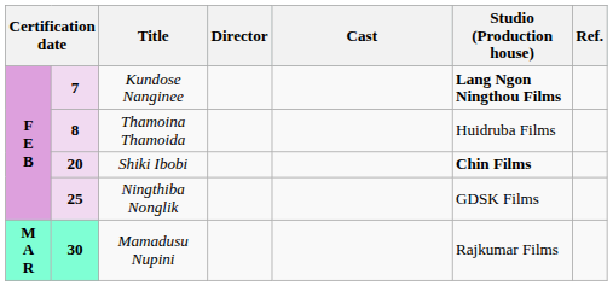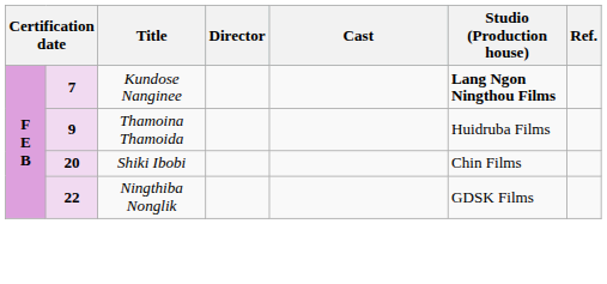 <table class="wikitable">
 <tr style="background:#b0e0e6; text-align:center;">
 <th colspan="2" style="width:6%;"><strong>Certification date</strong></th>
 <th style="width:18%;"><strong>Title</strong></th>
 <th style="width:10.5%;"><strong>Director</strong></th>
 <th style="width:30%;"><strong>Cast</strong></th>
 <th><strong>Studio (Production house)</strong></th>
 <th>Ref.</th>
 </tr>
 <tr February>
 <td rowspan="4" style="text-align:center; background:plum; textcolor:#000;"><strong>F<br>E<br>B</strong></td>
 <td rowspan="1" style="text-align:center;background:#f1daf1;"><strong>7</strong></td>
 <td style="text-align:center;"><em>Kundose Nanginee</em></td>
 <td></td>
 <td></td>
 <td><strong>Lang Ngon Ningthou Films</strong></td>
 <td></td>
 </tr>
 <tr>
-<td rowspan="1" style="text-align:center;background:#f1daf1;"><strong>8</strong></td>
+<td rowspan="1" style="text-align:center;background:#f1daf1;"><strong>9</strong></td>
 <td style="text-align:center;"><em>Thamoina Thamoida</em></td>
 <td></td>
 <td></td>
 <td>Huidruba Films</td>
 <td></td>
 </tr>
 <tr>
 <td rowspan="1" style="text-align:center;background:#f1daf1;"><strong>20</strong></td>
 <td style="text-align:center;"><em>Shiki Ibobi</em></td>
 <td></td>
 <td></td>
-<td><strong>Chin Films</strong></td>
+<td>Chin Films</td>
 <td></td>
 </tr>
 <tr>
-<td rowspan="1" style="text-align:center;background:#f1daf1;"><strong>25</strong></td>
+<td rowspan="1" style="text-align:center;background:#f1daf1;"><strong>22</strong></td>
 <td style="text-align:center;"><em>Ningthiba Nonglik</em></td>
 <td></td>
 <td></td>
 <td>GDSK Films</td>
 <td></td>
 </tr>
-<tr March>
-<td rowspan="1" style="text-align:center; background:#7FFFD4; textcolor:#000;"><strong>M<br>A<br>R</strong></td>
-<td rowspan="1" style="text-align:center;background:#7FFFD4;"><strong>30</strong></td>
-<td style="text-align:center;"><em>Mamadusu Nupini</em></td>
-<td></td>
-<td></td>
-<td>Rajkumar Films</td>
-<td></td>
-</tr>
 </table>
